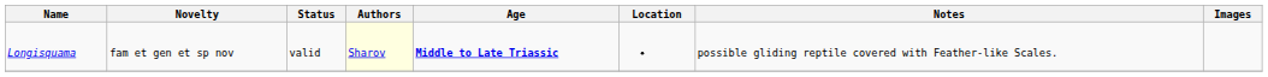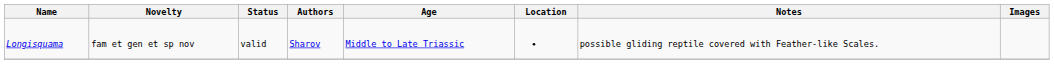 <table class="wikitable sortable" align="center" width="100%">
 <tr>
 <th>Name</th>
 <th>Novelty</th>
 <th>Status</th>
 <th>Authors</th>
 <th>Age</th>
 <th>Location</th>
 <th>Notes</th>
 <th>Images</th>
 </tr>
 <tr>
 <td><br><em><a href='#'>Longisquama</a></em></td>
 <td><br>fam et gen et sp nov</td>
 <td><br>valid</td>
-<td style="background: lightyellow;"><br><a href='#'>Sharov</a></td>
-<td><strong><br><a href='#'>Middle to Late Triassic</a></strong></td>
+<td><br><a href='#'>Sharov</a></td>
+<td><br><a href='#'>Middle to Late Triassic</a></td>
 <td><br><ul><li></li></ul></td>
 <td><br>possible gliding reptile covered with Feather-like Scales.</td>
 <td></td>
 </tr>
 <tr>
 </tr>
 </table>
